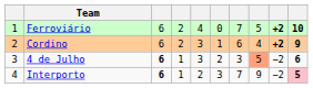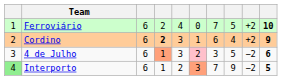 <table class="wikitable" style="text-align: center;">
 <tr>
 <th width=20></th>
 <th width=165>Team</th>
 <th width=20></th>
 <th width=20></th>
 <th width=20></th>
 <th width=20></th>
 <th width=20></th>
 <th width=20></th>
 <th width=20></th>
 <th width=20></th>
 </tr>
 <tr bgcolor=#ccffcc>
 <td>1</td>
 <td align=left> <a href='#'>Ferroviário</a></td>
 <td>6</td>
 <td>2</td>
 <td>4</td>
 <td>0</td>
 <td>7</td>
 <td>5</td>
-<td><strong>+2</strong></td>
+<td>+2</td>
 <td><strong>10</strong></td>
 </tr>
 <tr bgcolor=#ffcc99>
 <td>2</td>
 <td align=left> <a href='#'>Cordino</a></td>
 <td>6</td>
-<td>2</td>
+<td><strong>2</strong></td>
 <td>3</td>
 <td>1</td>
 <td>6</td>
 <td>4</td>
-<td><strong>+2</strong></td>
+<td>+2</td>
 <td><strong>9</strong></td>
 </tr>
 <tr>
 <td>3</td>
 <td align=left> <a href='#'>4 de Julho</a></td>
-<td><strong>6</strong></td>
-<td>1</td>
+<td>6</td>
+<td style="background: lightsalmon;">1</td>
 <td>3</td>
-<td>2</td>
+<td style="background: pink;">2</td>
 <td>3</td>
-<td style="background: lightsalmon;">5</td>
+<td>5</td>
 <td>−2</td>
 <td><strong>6</strong></td>
 </tr>
 <tr>
-<td>4</td>
+<td style="background: lightgreen;">4</td>
 <td align=left> <a href='#'>Interporto</a></td>
-<td><strong>6</strong></td>
+<td>6</td>
 <td>1</td>
 <td>2</td>
-<td>3</td>
+<td style="background: lightsalmon;">3</td>
 <td>7</td>
 <td>9</td>
 <td>−2</td>
-<td style="background: pink;"><strong>5</strong></td>
+<td><strong>5</strong></td>
 </tr>
 </table>
